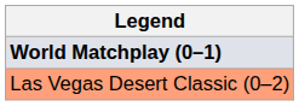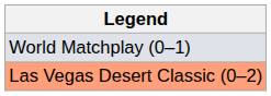 <table class="wikitable">
 <tr>
 <th>Legend</th>
 </tr>
 <tr style="background:#dfe2e9;">
-<td><strong>World Matchplay (0–1)</strong></td>
+<td>World Matchplay (0–1)</td>
 </tr>
 <tr style="background:#ffa07a;"|>
 <td>Las Vegas Desert Classic (0–2)</td>
 </tr>
 </table>
